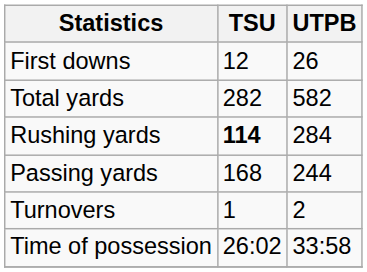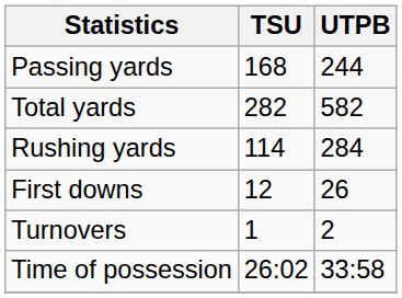 <table class="wikitable" style="float: left;">
 <tr>
 <th>Statistics</th>
 <th>TSU</th>
 <th>UTPB</th>
 </tr>
 <tr>
-<td>First downs</td>
-<td>12</td>
-<td>26</td>
+<td>Passing yards</td>
+<td>168</td>
+<td>244</td>
 </tr>
 <tr>
 <td>Total yards</td>
 <td>282</td>
 <td>582</td>
 </tr>
 <tr>
 <td>Rushing yards</td>
-<td><strong>114</strong></td>
+<td>114</td>
 <td>284</td>
 </tr>
 <tr>
-<td>Passing yards</td>
-<td>168</td>
-<td>244</td>
+<td>First downs</td>
+<td>12</td>
+<td>26</td>
 </tr>
 <tr>
 <td>Turnovers</td>
 <td>1</td>
 <td>2</td>
 </tr>
 <tr>
 <td>Time of possession</td>
 <td>26:02</td>
 <td>33:58</td>
 </tr>
 <tr>
 </tr>
 </table>
